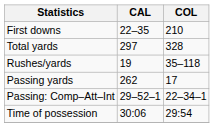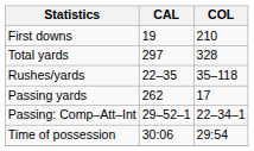 <table class="wikitable" style="float: left;">
 <tr>
 <th>Statistics</th>
 <th>CAL</th>
 <th>COL</th>
 </tr>
 <tr>
 <td>First downs</td>
-<td>22–35</td>
+<td>19</td>
 <td>210</td>
 </tr>
 <tr>
 <td>Total yards</td>
 <td>297</td>
 <td>328</td>
 </tr>
 <tr>
 <td>Rushes/yards</td>
-<td>19</td>
+<td>22–35</td>
 <td>35–118</td>
 </tr>
 <tr>
 <td>Passing yards</td>
 <td>262</td>
 <td>17</td>
 </tr>
 <tr>
 <td>Passing: Comp–Att–Int</td>
 <td>29–52–1</td>
 <td>22–34–1</td>
 </tr>
 <tr>
 <td>Time of possession</td>
 <td>30:06</td>
 <td>29:54</td>
 </tr>
 <tr>
 </tr>
 </table>
